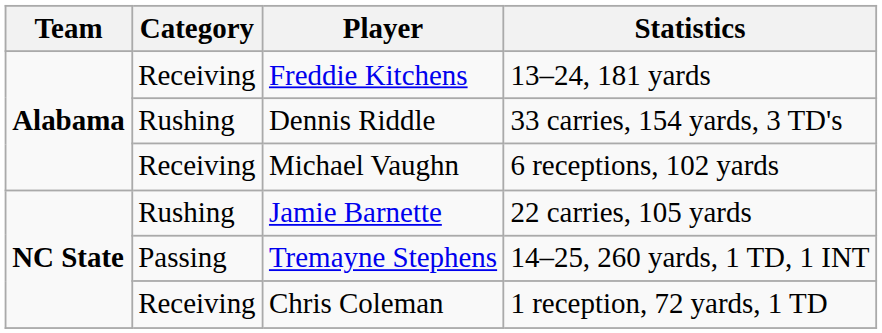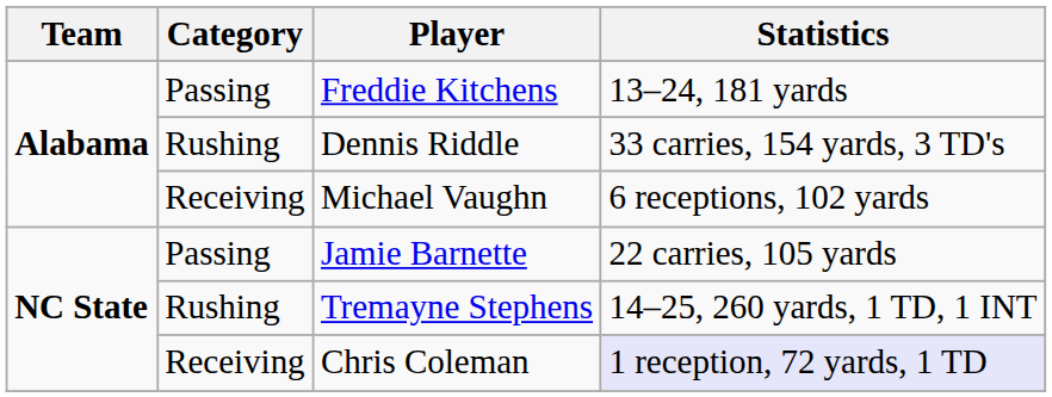 <table class="wikitable" style="float: right;">
 <tr>
 <th>Team</th>
 <th>Category</th>
 <th>Player</th>
 <th>Statistics</th>
 </tr>
 <tr>
 <td rowspan=3><strong>Alabama</strong></td>
-<td>Receiving</td>
+<td>Passing</td>
 <td><a href='#'>Freddie Kitchens</a></td>
 <td>13–24, 181 yards</td>
 </tr>
 <tr>
 <td>Rushing</td>
 <td>Dennis Riddle</td>
 <td>33 carries, 154 yards, 3 TD's</td>
 </tr>
 <tr>
 <td>Receiving</td>
 <td>Michael Vaughn</td>
 <td>6 receptions, 102 yards</td>
 </tr>
 <tr>
 <td rowspan=3><strong>NC State</strong></td>
-<td>Rushing</td>
+<td>Passing</td>
 <td><a href='#'>Jamie Barnette</a></td>
 <td>22 carries, 105 yards</td>
 </tr>
 <tr>
-<td>Passing</td>
+<td>Rushing</td>
 <td><a href='#'>Tremayne Stephens</a></td>
 <td>14–25, 260 yards, 1 TD, 1 INT</td>
 </tr>
 <tr>
 <td>Receiving</td>
 <td>Chris Coleman</td>
-<td>1 reception, 72 yards, 1 TD</td>
+<td style="background: lavender;">1 reception, 72 yards, 1 TD</td>
 </tr>
 </table>
